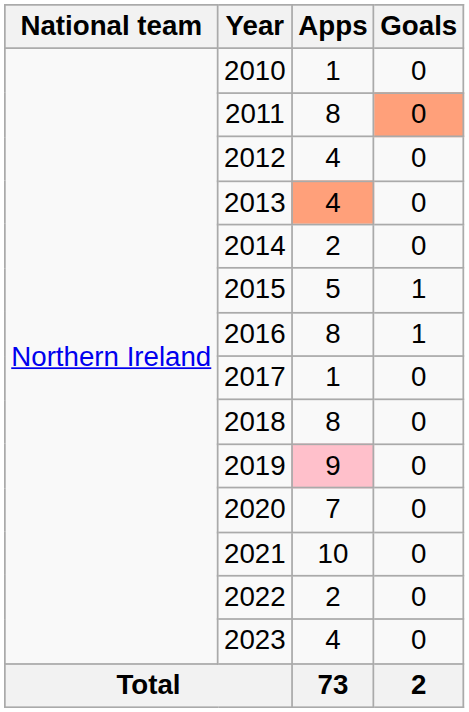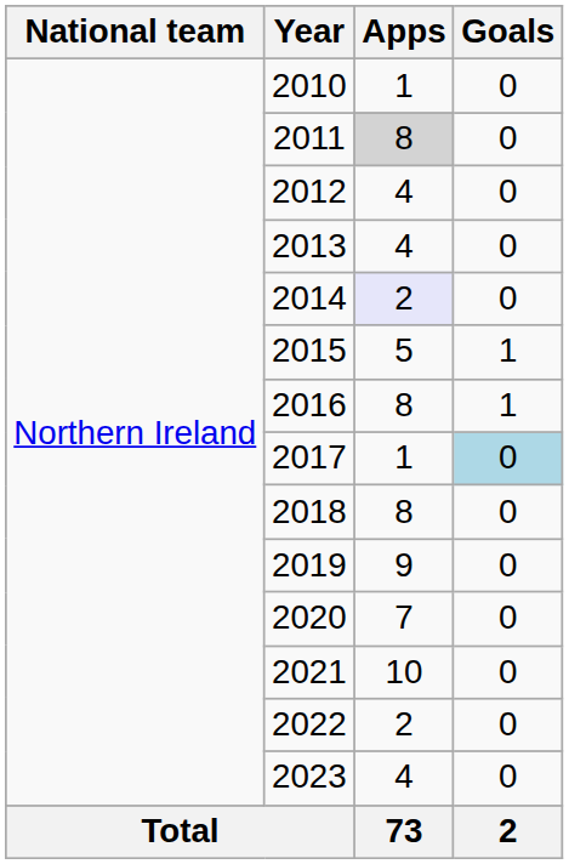 <table class=wikitable style="text-align:center">
 <tr>
 <th>National team</th>
 <th>Year</th>
 <th>Apps</th>
 <th>Goals</th>
 </tr>
 <tr>
 <td rowspan="14"><a href='#'>Northern Ireland</a></td>
 <td>2010</td>
 <td>1</td>
 <td>0</td>
 </tr>
 <tr>
 <td>2011</td>
-<td>8</td>
-<td style="background: lightsalmon;">0</td>
+<td style="background: lightgrey;">8</td>
+<td>0</td>
 </tr>
 <tr>
 <td>2012</td>
 <td>4</td>
 <td>0</td>
 </tr>
 <tr>
 <td>2013</td>
-<td style="background: lightsalmon;">4</td>
+<td>4</td>
 <td>0</td>
 </tr>
 <tr>
 <td>2014</td>
-<td>2</td>
+<td style="background: lavender;">2</td>
 <td>0</td>
 </tr>
 <tr>
 <td>2015</td>
 <td>5</td>
 <td>1</td>
 </tr>
 <tr>
 <td>2016</td>
 <td>8</td>
 <td>1</td>
 </tr>
 <tr>
 <td>2017</td>
 <td>1</td>
-<td>0</td>
+<td style="background: lightblue;">0</td>
 </tr>
 <tr>
 <td>2018</td>
 <td>8</td>
 <td>0</td>
 </tr>
 <tr>
 <td>2019</td>
-<td style="background: pink;">9</td>
+<td>9</td>
 <td>0</td>
 </tr>
 <tr>
 <td>2020</td>
 <td>7</td>
 <td>0</td>
 </tr>
 <tr>
 <td>2021</td>
 <td>10</td>
 <td>0</td>
 </tr>
 <tr>
 <td>2022</td>
 <td>2</td>
 <td>0</td>
 </tr>
 <tr>
 <td>2023</td>
 <td>4</td>
 <td>0</td>
 </tr>
 <tr>
 <th colspan="2">Total</th>
 <th>73</th>
 <th>2</th>
 </tr>
 </table>
